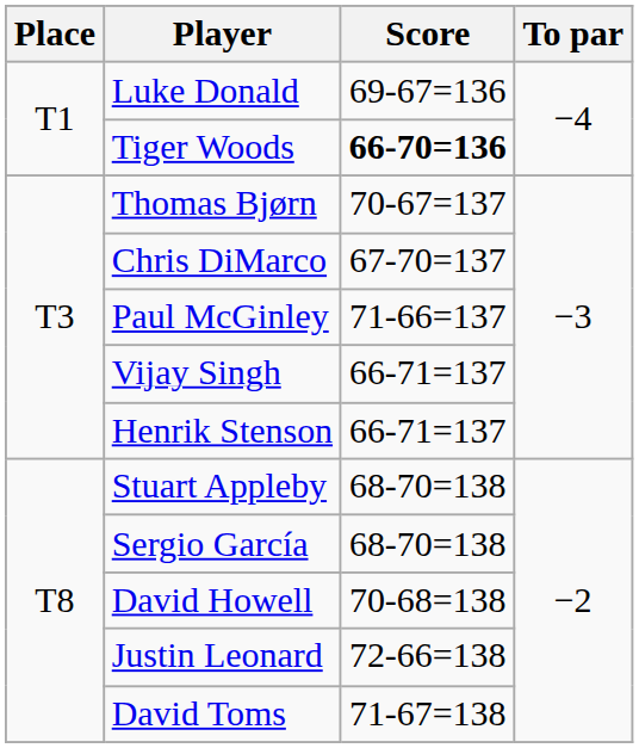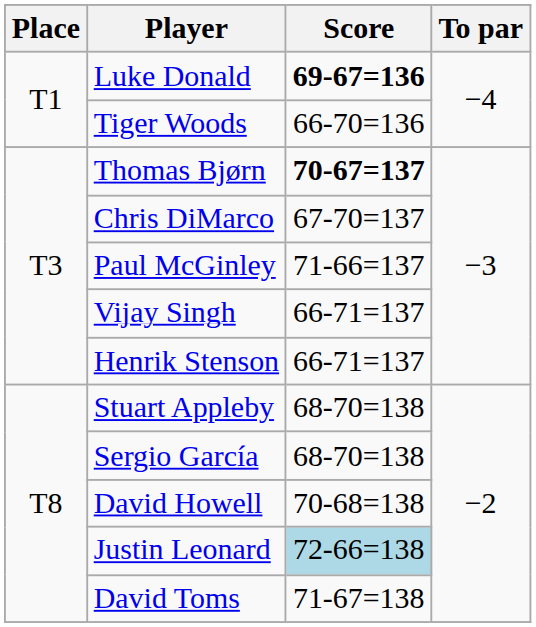 <table class="wikitable">
 <tr>
 <th>Place</th>
 <th>Player</th>
 <th>Score</th>
 <th>To par</th>
 </tr>
 <tr>
 <td rowspan="2" align=center>T1</td>
 <td> <a href='#'>Luke Donald</a></td>
-<td align=center>69-67=136</td>
+<td align=center><strong>69-67=136</strong></td>
 <td rowspan="2" align=center>−4</td>
 </tr>
 <tr>
 <td> <a href='#'>Tiger Woods</a></td>
-<td align=center><strong>66-70=136</strong></td>
+<td align=center>66-70=136</td>
 </tr>
 <tr>
 <td rowspan="5" align=center>T3</td>
 <td> <a href='#'>Thomas Bjørn</a></td>
-<td align=center>70-67=137</td>
+<td align=center><strong>70-67=137</strong></td>
 <td rowspan="5" align=center>−3</td>
 </tr>
 <tr>
 <td> <a href='#'>Chris DiMarco</a></td>
 <td align=center>67-70=137</td>
 </tr>
 <tr>
 <td> <a href='#'>Paul McGinley</a></td>
 <td align=center>71-66=137</td>
 </tr>
 <tr>
 <td> <a href='#'>Vijay Singh</a></td>
 <td align=center>66-71=137</td>
 </tr>
 <tr>
 <td> <a href='#'>Henrik Stenson</a></td>
 <td align=center>66-71=137</td>
 </tr>
 <tr>
 <td rowspan="5" align=center>T8</td>
 <td> <a href='#'>Stuart Appleby</a></td>
 <td align=center>68-70=138</td>
 <td rowspan="5" align=center>−2</td>
 </tr>
 <tr>
 <td> <a href='#'>Sergio García</a></td>
 <td align=center>68-70=138</td>
 </tr>
 <tr>
 <td> <a href='#'>David Howell</a></td>
 <td align=center>70-68=138</td>
 </tr>
 <tr>
 <td> <a href='#'>Justin Leonard</a></td>
-<td align=center>72-66=138</td>
+<td align=center style="background: lightblue;">72-66=138</td>
 </tr>
 <tr>
 <td> <a href='#'>David Toms</a></td>
 <td align=center>71-67=138</td>
 </tr>
 </table>
